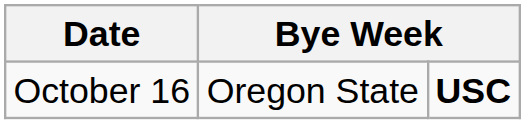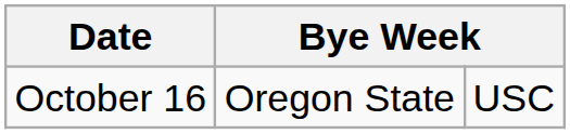 <table class="wikitable" style="font-size:95%;">
 <tr>
 <th>Date</th>
 <th colspan="2">Bye Week</th>
 </tr>
 <tr>
 <td>October 16</td>
 <td>Oregon State</td>
-<td><strong>USC</strong></td>
+<td>USC</td>
 </tr>
 </table>
